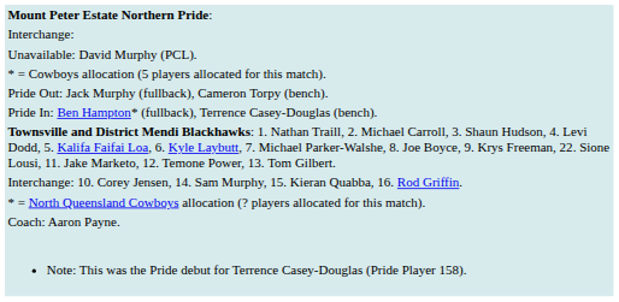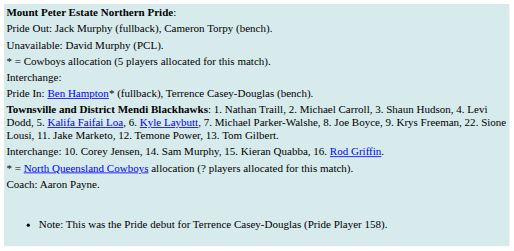 <table style="background:#d7ebed; font-size:85%; width:100%;">
 <tr>
 <td><strong>Mount Peter Estate Northern Pride</strong>:             </td>
 </tr>
 <tr>
-<td>Interchange:    </td>
+<td>Pride Out: Jack Murphy (fullback), Cameron Torpy (bench).</td>
 </tr>
 <tr>
 <td>Unavailable: David Murphy (PCL).</td>
 </tr>
 <tr>
 <td>* = Cowboys allocation (5 players allocated for this match).</td>
 </tr>
 <tr>
-<td>Pride Out: Jack Murphy (fullback), Cameron Torpy (bench).</td>
+<td>Interchange:    </td>
 </tr>
 <tr>
 <td>Pride In: <a href='#'>Ben Hampton</a>* (fullback), Terrence Casey-Douglas (bench).</td>
 </tr>
 <tr>
 <td><strong>Townsville and District Mendi Blackhawks</strong>: 1. Nathan Traill, 2. Michael Carroll, 3. Shaun Hudson, 4. Levi Dodd, 5. <a href='#'>Kalifa Faifai Loa</a>, 6. <a href='#'>Kyle Laybutt</a>,  7. Michael Parker-Walshe, 8. Joe Boyce, 9. Krys Freeman, 22. Sione Lousi, 11. Jake Marketo, 12. Temone Power, 13. Tom Gilbert.</td>
 </tr>
 <tr>
 <td>Interchange: 10. Corey Jensen, 14. Sam Murphy, 15. Kieran Quabba, 16. <a href='#'>Rod Griffin</a>.</td>
 </tr>
 <tr>
 <td>* = <a href='#'>North Queensland Cowboys</a> allocation (? players allocated for this match).</td>
 </tr>
 <tr>
 <td>Coach: Aaron Payne.</td>
 </tr>
 <tr>
 <td><br><ul><li>Note: This was the Pride debut for Terrence Casey-Douglas (Pride Player 158).</li></ul></td>
 </tr>
 <tr>
 </tr>
 </table>
